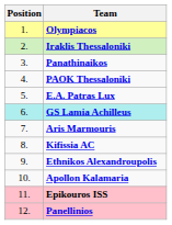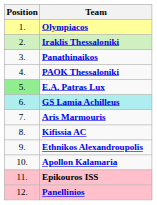 <table class="wikitable" style="text-align: center; font-size:95%">
 <tr>
 <th width="44">Position</th>
 <th width="180">Team</th>
 </tr>
 <tr bgcolor="FFFF99">
 <td>1.</td>
 <td align="left"><strong><a href='#'>Olympiacos</a></strong></td>
 </tr>
 <tr bgcolor="D0F0C0">
 <td>2.</td>
 <td align="left"><strong><a href='#'>Iraklis Thessaloniki</a></strong></td>
 </tr>
 <tr>
 <td>3.</td>
 <td align="left"><strong><a href='#'>Panathinaikos</a></strong></td>
 </tr>
 <tr>
 <td>4.</td>
 <td align="left"><strong><a href='#'>PAOK Thessaloniki</a></strong></td>
 </tr>
 <tr>
-<td>5.</td>
+<td style="background: lightgreen;">5.</td>
 <td align="left"><strong><a href='#'>E.A. Patras Lux</a></strong></td>
 </tr>
 <tr bgcolor="afeeee">
 <td>6.</td>
 <td align="left"><strong><a href='#'>GS Lamia Achilleus</a></strong></td>
 </tr>
 <tr>
 <td>7.</td>
 <td align="left"><strong><a href='#'>Aris Marmouris</a></strong></td>
 </tr>
 <tr>
 <td>8.</td>
 <td align="left"><strong><a href='#'>Kifissia AC</a></strong></td>
 </tr>
 <tr>
 <td>9.</td>
 <td align="left"><strong><a href='#'>Ethnikos Alexandroupolis</a></strong></td>
 </tr>
 <tr>
 <td>10.</td>
 <td align="left"><strong><a href='#'>Apollon Kalamaria</a></strong></td>
 </tr>
 <tr bgcolor="ffc0cb">
 <td>11.</td>
 <td align="left"><strong>Epikouros ISS</strong></td>
 </tr>
 <tr bgcolor="ffc0cb">
 <td>12.</td>
 <td align="left"><strong><a href='#'>Panellinios</a></strong></td>
 </tr>
 </table>
